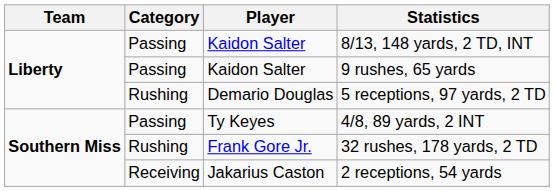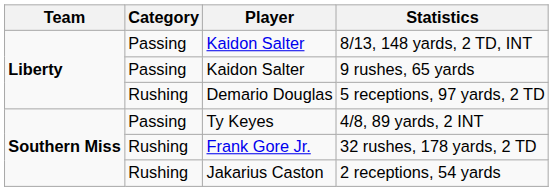 <table class="wikitable" style="float: left;">
 <tr>
 <th>Team</th>
 <th>Category</th>
 <th>Player</th>
 <th>Statistics</th>
 </tr>
 <tr>
 <td rowspan=3><strong>Liberty</strong></td>
 <td>Passing</td>
 <td><a href='#'>Kaidon Salter</a></td>
 <td>8/13, 148 yards, 2 TD, INT</td>
 </tr>
 <tr>
 <td>Passing</td>
 <td>Kaidon Salter</td>
 <td>9 rushes, 65 yards</td>
 </tr>
 <tr>
 <td>Rushing</td>
 <td>Demario Douglas</td>
 <td>5 receptions, 97 yards, 2 TD</td>
 </tr>
 <tr>
 <td rowspan=3><strong>Southern Miss</strong></td>
 <td>Passing</td>
 <td>Ty Keyes</td>
 <td>4/8, 89 yards, 2 INT</td>
 </tr>
 <tr>
 <td>Rushing</td>
 <td><a href='#'>Frank Gore Jr.</a></td>
 <td>32 rushes, 178 yards, 2 TD</td>
 </tr>
 <tr>
-<td>Receiving</td>
+<td>Rushing</td>
 <td>Jakarius Caston</td>
 <td>2 receptions, 54 yards</td>
 </tr>
 </table>
